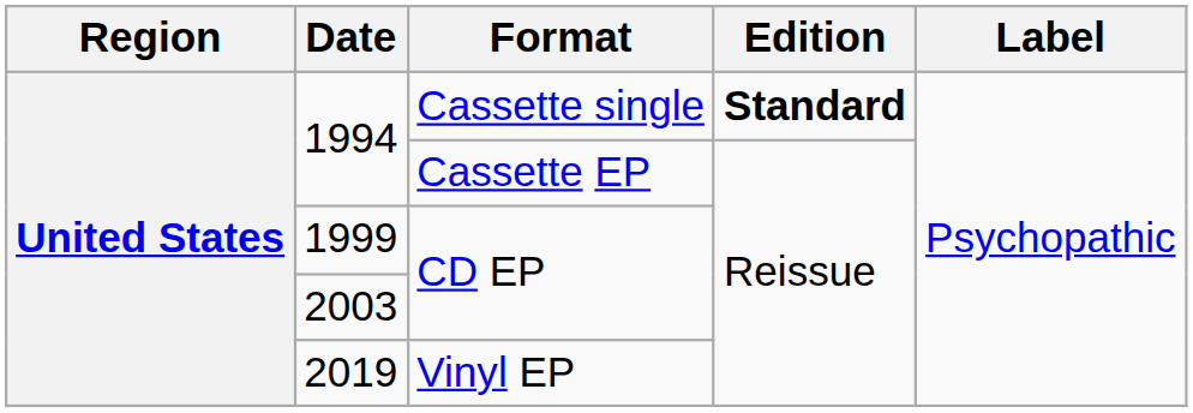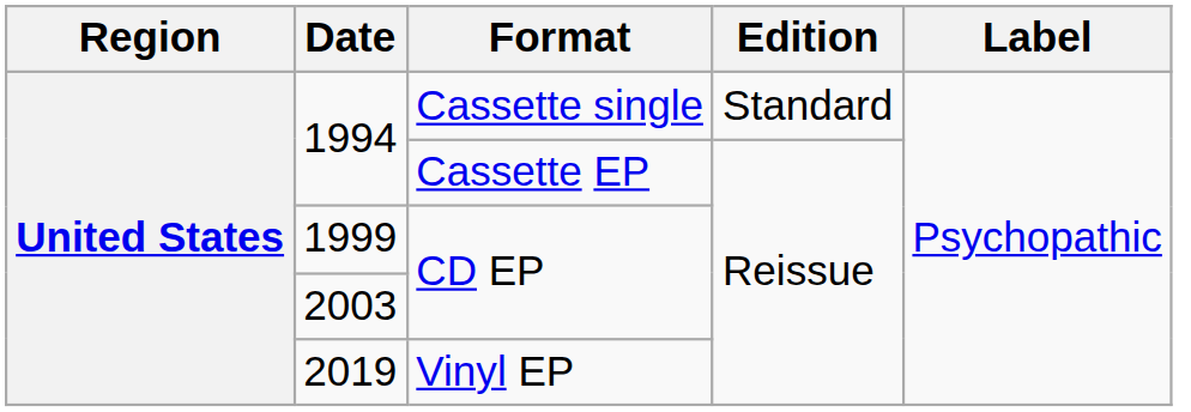 <table class="wikitable plainrowheaders">
 <tr>
 <th scope="col">Region</th>
 <th scope="col">Date</th>
 <th scope="col">Format</th>
 <th scope="col">Edition</th>
 <th scope="col">Label</th>
 </tr>
 <tr>
 <th rowspan="5" scope="row"><a href='#'>United States</a></th>
 <td rowspan="2">1994</td>
 <td><a href='#'>Cassette single</a></td>
-<td><strong>Standard</strong></td>
+<td>Standard</td>
 <td rowspan="5"><a href='#'>Psychopathic</a></td>
 </tr>
 <tr>
 <td><a href='#'>Cassette</a> <a href='#'>EP</a></td>
 <td rowspan="4">Reissue</td>
 </tr>
 <tr>
 <td>1999</td>
 <td rowspan="2"><a href='#'>CD</a> EP</td>
 </tr>
 <tr>
 <td>2003</td>
 </tr>
 <tr>
 <td>2019</td>
 <td><a href='#'>Vinyl</a> EP</td>
 </tr>
 </table>
